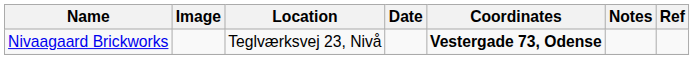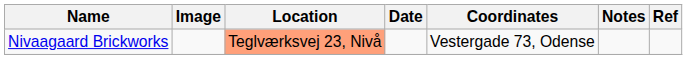 <table class="wikitable sortable">
 <tr>
 <th>Name</th>
 <th>Image</th>
 <th>Location</th>
 <th>Date</th>
 <th>Coordinates</th>
 <th>Notes</th>
 <th>Ref</th>
 </tr>
 <tr>
 <td><a href='#'>Nivaagaard Brickworks</a></td>
 <td></td>
-<td>Teglværksvej 23, Nivå</td>
+<td style="background: lightsalmon;">Teglværksvej 23, Nivå</td>
 <td></td>
-<td><strong>Vestergade 73, Odense</strong></td>
+<td>Vestergade 73, Odense</td>
 <td></td>
 <td></td>
 </tr>
 <tr>
 </tr>
 <tr>
 </tr>
 </table>
